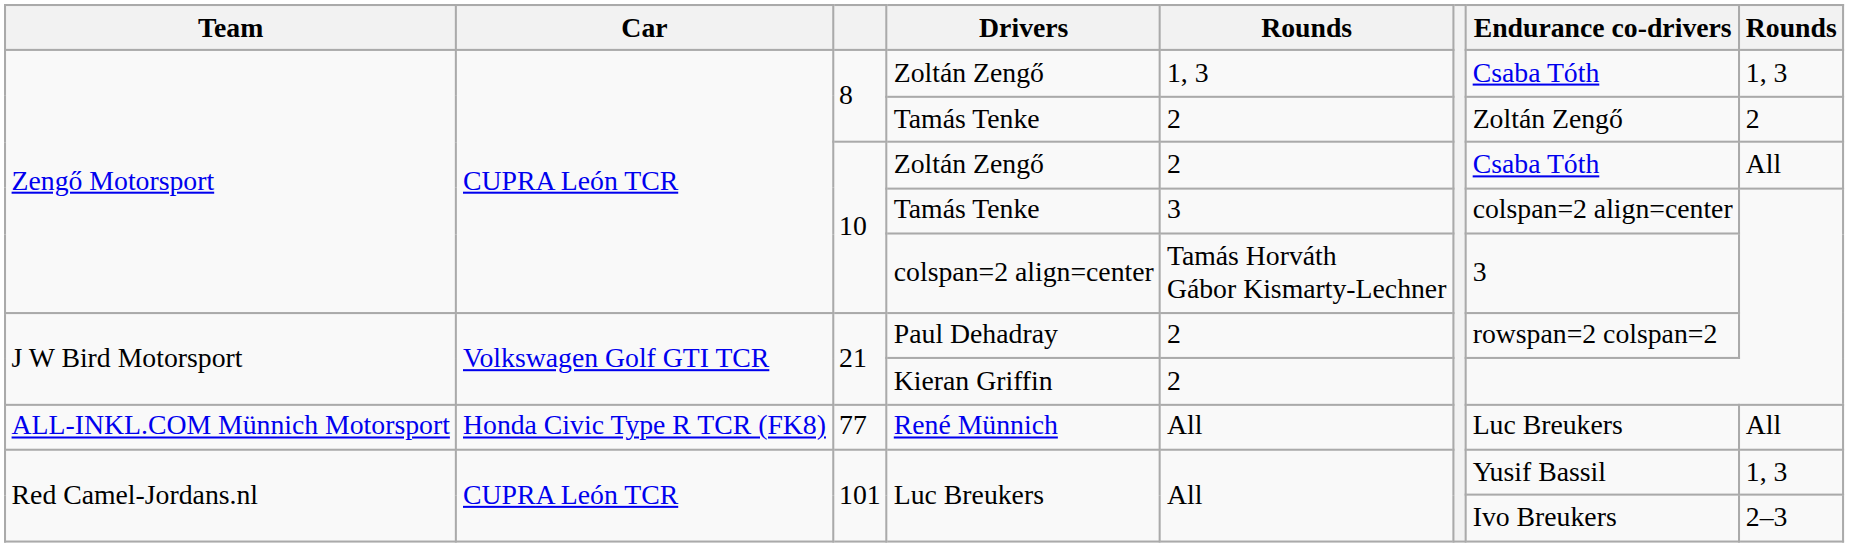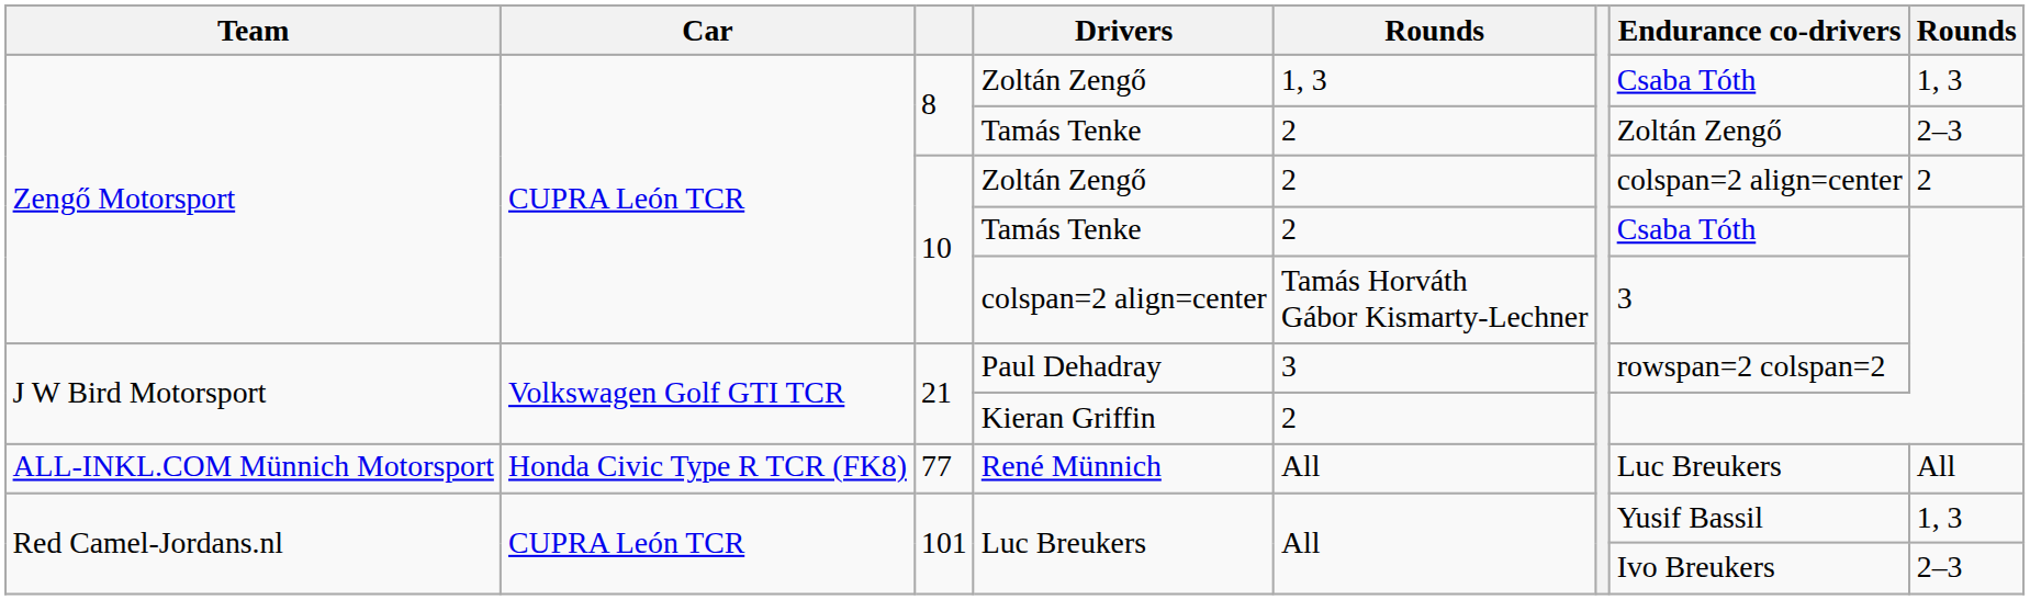 <table class="wikitable" style="font-size: 85%;">
 <tr>
 <th>Team</th>
 <th>Car</th>
 <th></th>
 <th>Drivers</th>
 <th>Rounds</th>
 <th rowspan=12></th>
 <th>Endurance co-drivers</th>
 <th>Rounds</th>
 </tr>
 <tr>
 <td rowspan=5> <a href='#'>Zengő Motorsport</a></td>
 <td rowspan=5><a href='#'>CUPRA León TCR</a></td>
 <td rowspan=2>8</td>
 <td> Zoltán Zengő</td>
 <td>1, 3</td>
 <td> <a href='#'>Csaba Tóth</a></td>
 <td>1, 3</td>
 </tr>
 <tr>
 <td> Tamás Tenke</td>
 <td>2</td>
 <td> Zoltán Zengő</td>
-<td>2</td>
+<td>2–3</td>
 </tr>
 <tr>
 <td rowspan=3>10</td>
 <td> Zoltán Zengő</td>
 <td>2</td>
-<td> <a href='#'>Csaba Tóth</a></td>
-<td>All</td>
+<td>colspan=2 align=center </td>
+<td>2</td>
 </tr>
 <tr>
 <td> Tamás Tenke</td>
-<td>3</td>
-<td>colspan=2 align=center </td>
+<td>2</td>
+<td> <a href='#'>Csaba Tóth</a></td>
 </tr>
 <tr>
 <td>colspan=2 align=center </td>
 <td> Tamás Horváth<br> Gábor Kismarty-Lechner</td>
 <td>3</td>
 </tr>
 <tr>
 <td rowspan=2> J W Bird Motorsport</td>
 <td rowspan=2><a href='#'>Volkswagen Golf GTI TCR</a></td>
 <td rowspan=2>21</td>
 <td> Paul Dehadray</td>
-<td>2</td>
+<td>3</td>
 <td>rowspan=2 colspan=2 </td>
 </tr>
 <tr>
 <td> Kieran Griffin</td>
 <td>2</td>
 </tr>
 <tr>
 <td> <a href='#'>ALL-INKL.COM Münnich Motorsport</a></td>
 <td><a href='#'>Honda Civic Type R TCR (FK8)</a></td>
 <td>77</td>
 <td> <a href='#'>René Münnich</a></td>
 <td>All</td>
 <td> Luc Breukers</td>
 <td>All</td>
 </tr>
 <tr>
 <td rowspan=2> Red Camel-Jordans.nl</td>
 <td rowspan=2><a href='#'>CUPRA León TCR</a></td>
 <td rowspan=2>101</td>
 <td rowspan=2> Luc Breukers</td>
 <td rowspan=2>All</td>
 <td> Yusif Bassil</td>
 <td>1, 3</td>
 </tr>
 <tr>
 <td> Ivo Breukers</td>
 <td>2–3</td>
 </tr>
 </table>
